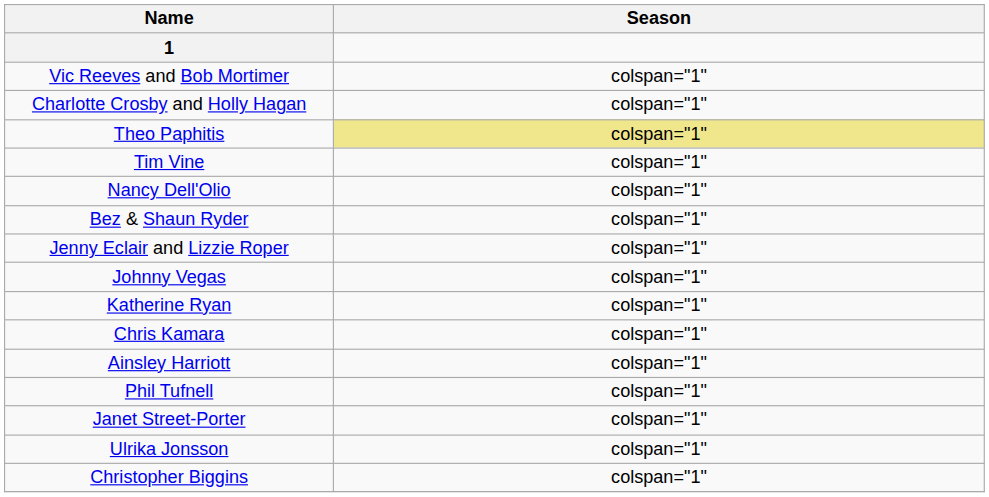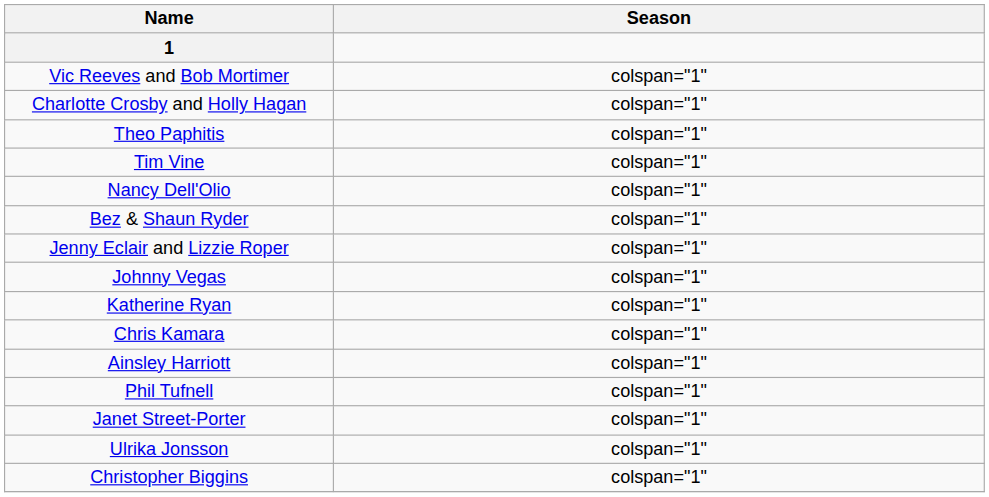 <table class="wikitable plainrowheaders" style="text-align:center">
 <tr>
 <th rowspan="2" width="10%" scope="col">Name</th>
 <th colspan="6" width="20%">Season</th>
 </tr>
 <tr>
 </tr>
 <tr>
 <th width="10%" scope="col">1</th>
 </tr>
 <tr>
 <td><a href='#'>Vic Reeves</a> and <a href='#'>Bob Mortimer</a></td>
 <td>colspan="1" </td>
 </tr>
 <tr>
 <td><a href='#'>Charlotte Crosby</a> and <a href='#'>Holly Hagan</a></td>
 <td>colspan="1" </td>
 </tr>
 <tr>
 <td><a href='#'>Theo Paphitis</a></td>
-<td style="background: khaki;">colspan="1" </td>
+<td>colspan="1" </td>
 </tr>
 <tr>
 <td><a href='#'>Tim Vine</a></td>
 <td>colspan="1" </td>
 </tr>
 <tr>
 <td><a href='#'>Nancy Dell'Olio</a></td>
 <td>colspan="1" </td>
 </tr>
 <tr>
 <td><a href='#'>Bez</a> & <a href='#'>Shaun Ryder</a></td>
 <td>colspan="1" </td>
 </tr>
 <tr>
 <td><a href='#'>Jenny Eclair</a> and <a href='#'>Lizzie Roper</a></td>
 <td>colspan="1" </td>
 </tr>
 <tr>
 <td><a href='#'>Johnny Vegas</a></td>
 <td>colspan="1" </td>
 </tr>
 <tr>
 <td><a href='#'>Katherine Ryan</a></td>
 <td>colspan="1" </td>
 </tr>
 <tr>
 <td><a href='#'>Chris Kamara</a></td>
 <td>colspan="1" </td>
 </tr>
 <tr>
 <td><a href='#'>Ainsley Harriott</a></td>
 <td>colspan="1" </td>
 </tr>
 <tr>
 <td><a href='#'>Phil Tufnell</a></td>
 <td>colspan="1" </td>
 </tr>
 <tr>
 <td><a href='#'>Janet Street-Porter</a></td>
 <td>colspan="1" </td>
 </tr>
 <tr>
 <td><a href='#'>Ulrika Jonsson</a></td>
 <td>colspan="1" </td>
 </tr>
 <tr>
 <td><a href='#'>Christopher Biggins</a></td>
 <td>colspan="1" </td>
 </tr>
 <tr>
 </tr>
 </table>
